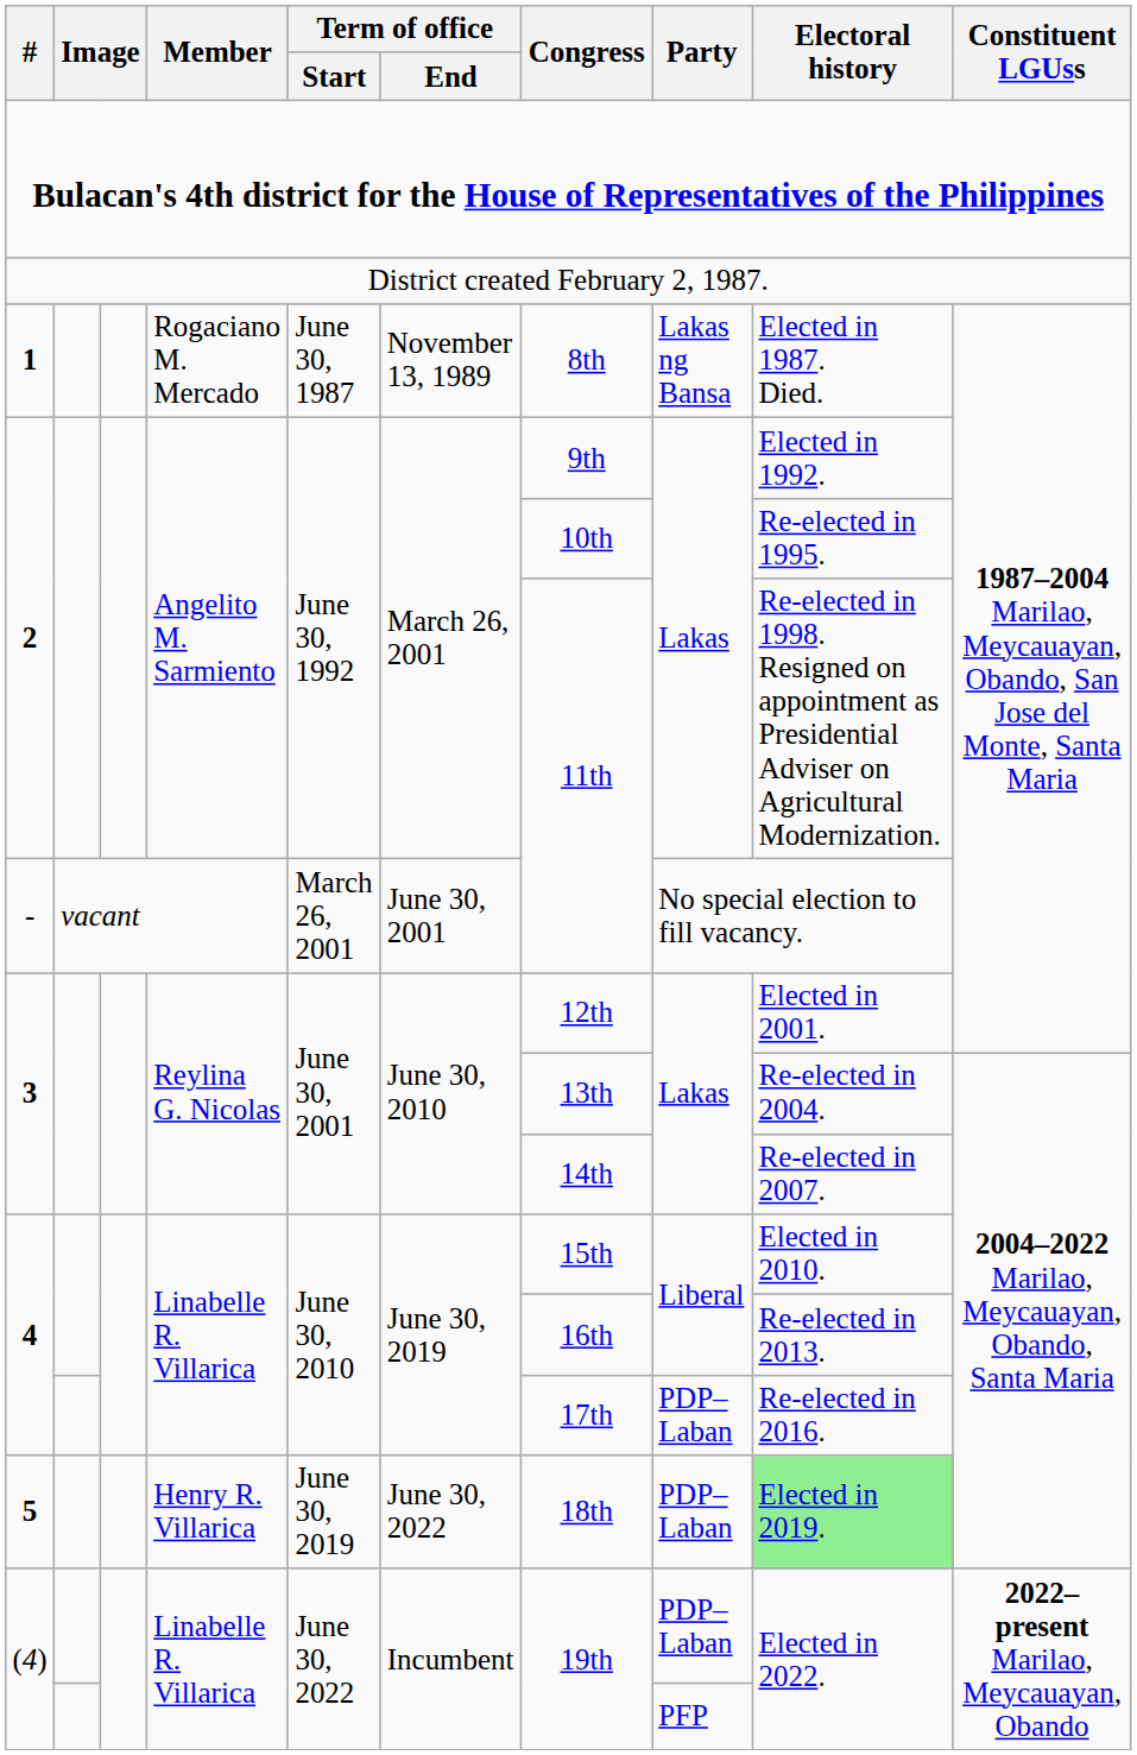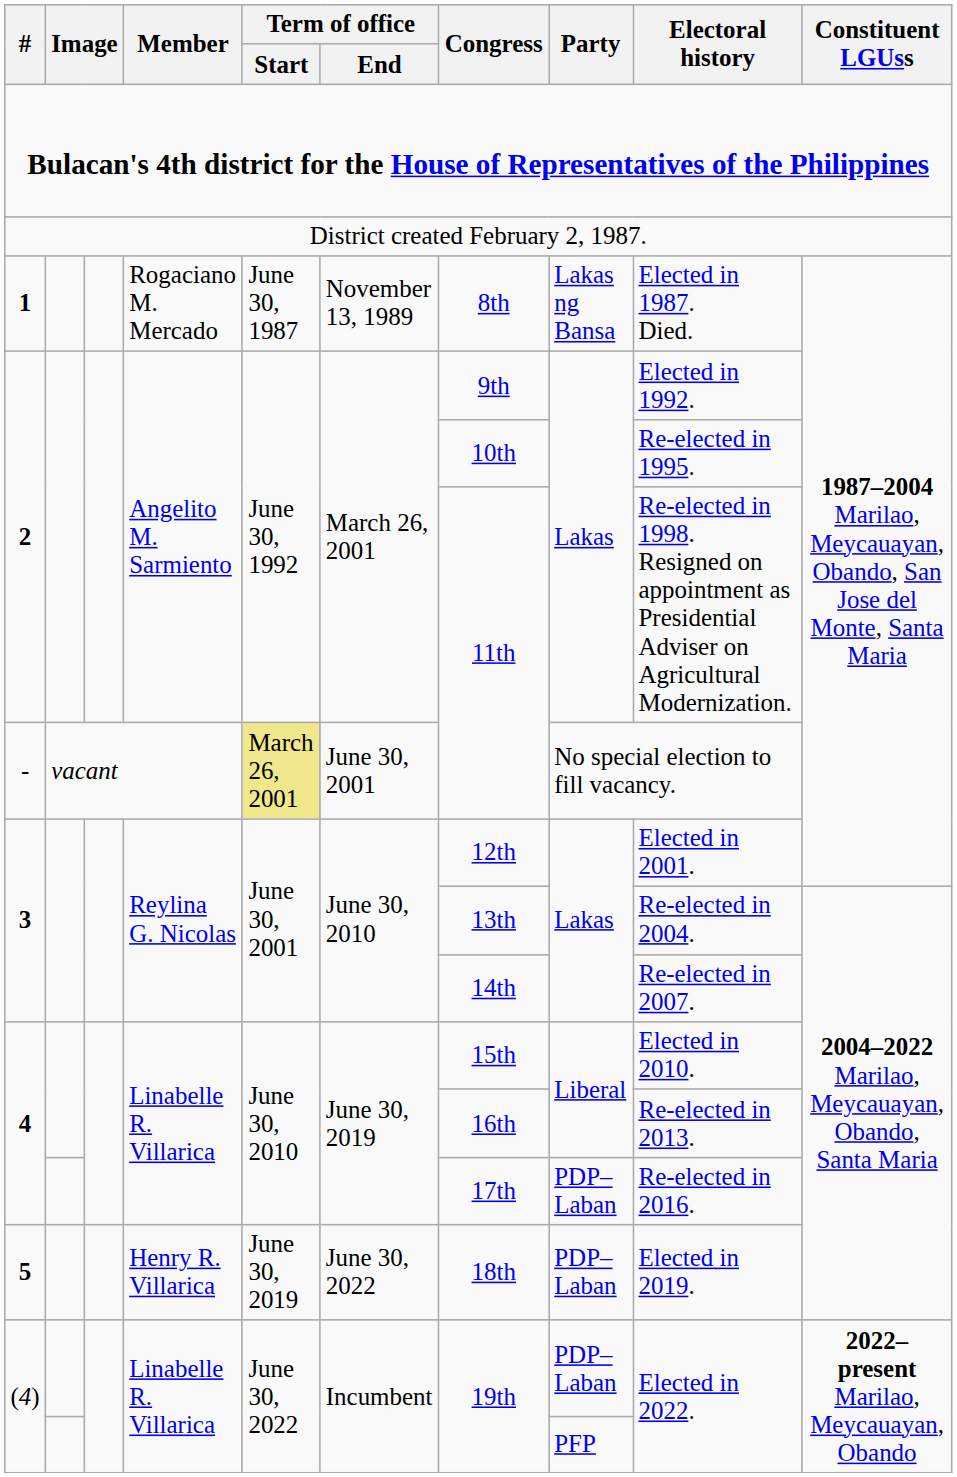 <table class=wikitable>
 <tr>
 <th rowspan="2">#</th>
 <th rowspan="2" colspan=2>Image</th>
 <th rowspan="2">Member</th>
 <th colspan=2>Term of office</th>
 <th rowspan="2">Congress</th>
 <th rowspan="2">Party</th>
 <th rowspan="2">Electoral history</th>
 <th rowspan="2">Constituent<br><a href='#'>LGUs</a>s</th>
 </tr>
 <tr>
 <th>Start</th>
 <th>End</th>
 </tr>
 <tr>
 <td colspan="10" style="text-align:center;"><br><h3>Bulacan's 4th district for the <a href='#'>House of Representatives of the Philippines</a></h3></td>
 </tr>
 <tr>
 <td colspan="10" style="text-align:center;">District created February 2, 1987.</td>
 </tr>
 <tr>
 <td style="text-align:center;"><strong>1</strong></td>
 <td style="color:inherit;background:"></td>
 <td></td>
 <td>Rogaciano M. Mercado</td>
 <td>June 30, 1987</td>
 <td>November 13, 1989</td>
 <td style="text-align:center;"><a href='#'>8th</a></td>
 <td><a href='#'>Lakas ng Bansa</a></td>
 <td><a href='#'>Elected in 1987</a>.<br>Died.</td>
 <td rowspan="6" style="text-align:center;"><strong>1987–2004</strong><br><a href='#'>Marilao</a>, <a href='#'>Meycauayan</a>, <a href='#'>Obando</a>, <a href='#'>San Jose del Monte</a>, <a href='#'>Santa Maria</a></td>
 </tr>
 <tr>
 <td rowspan="3" style="text-align:center;"><strong>2</strong></td>
 <td rowspan="3" style="color:inherit;background:"></td>
 <td rowspan="3"></td>
 <td rowspan="3"><a href='#'>Angelito M. Sarmiento</a></td>
 <td rowspan="3">June 30, 1992</td>
 <td rowspan="3">March 26, 2001</td>
 <td style="text-align:center;"><a href='#'>9th</a></td>
 <td rowspan="3"><a href='#'>Lakas</a></td>
 <td><a href='#'>Elected in 1992</a>.</td>
 </tr>
 <tr>
 <td style="text-align:center;"><a href='#'>10th</a></td>
 <td><a href='#'>Re-elected in 1995</a>.</td>
 </tr>
 <tr>
 <td style="text-align:center;" rowspan="2"><a href='#'>11th</a></td>
 <td><a href='#'>Re-elected in 1998</a>.<br>Resigned on appointment as Presidential Adviser on Agricultural Modernization.</td>
 </tr>
 <tr>
 <td style="text-align:center;">-</td>
 <td colspan=3><em>vacant</em></td>
-<td>March 26, 2001</td>
+<td style="background: khaki;">March 26, 2001</td>
 <td>June 30, 2001</td>
 <td colspan=2>No special election to fill vacancy.</td>
 </tr>
 <tr>
 <td rowspan="3" style="text-align:center;"><strong>3</strong></td>
 <td rowspan="3" style="color:inherit;background:"></td>
 <td rowspan="3"></td>
 <td rowspan="3"><a href='#'>Reylina G. Nicolas</a></td>
 <td rowspan="3">June 30, 2001</td>
 <td rowspan="3">June 30, 2010</td>
 <td style="text-align:center;"><a href='#'>12th</a></td>
 <td rowspan="3"><a href='#'>Lakas</a></td>
 <td><a href='#'>Elected in 2001</a>.</td>
 </tr>
 <tr>
 <td style="text-align:center;"><a href='#'>13th</a></td>
 <td><a href='#'>Re-elected in 2004</a>.</td>
 <td rowspan="6" style="text-align:center;"><strong>2004–2022</strong><br><a href='#'>Marilao</a>, <a href='#'>Meycauayan</a>, <a href='#'>Obando</a>, <a href='#'>Santa Maria</a></td>
 </tr>
 <tr>
 <td style="text-align:center;"><a href='#'>14th</a></td>
 <td><a href='#'>Re-elected in 2007</a>.</td>
 </tr>
 <tr>
 <td rowspan="3" style="text-align:center;"><strong>4</strong></td>
 <td rowspan="2" style="color:inherit;background:"></td>
 <td rowspan="3"></td>
 <td rowspan="3"><a href='#'>Linabelle R. Villarica</a></td>
 <td rowspan="3">June 30, 2010</td>
 <td rowspan="3">June 30, 2019</td>
 <td style="text-align:center;"><a href='#'>15th</a></td>
 <td rowspan="2"><a href='#'>Liberal</a></td>
 <td><a href='#'>Elected in 2010</a>.</td>
 </tr>
 <tr>
 <td style="text-align:center;"><a href='#'>16th</a></td>
 <td><a href='#'>Re-elected in 2013</a>.</td>
 </tr>
 <tr>
 <td style="color:inherit;background:"></td>
 <td style="text-align:center;"><a href='#'>17th</a></td>
 <td><a href='#'>PDP–Laban</a></td>
 <td><a href='#'>Re-elected in 2016</a>.</td>
 </tr>
 <tr>
 <td style="text-align:center;"><strong>5</strong></td>
 <td style="color:inherit;background:"></td>
 <td></td>
 <td><a href='#'>Henry R. Villarica</a></td>
 <td>June 30, 2019</td>
 <td>June 30, 2022</td>
 <td style="text-align:center;"><a href='#'>18th</a></td>
 <td><a href='#'>PDP–Laban</a></td>
-<td style="background: lightgreen;"><a href='#'>Elected in 2019</a>.</td>
+<td><a href='#'>Elected in 2019</a>.</td>
 </tr>
 <tr>
 <td style="text-align:center;" rowspan="2">(<em>4</em>)</td>
 <td style=background:></td>
 <td rowspan="2"></td>
 <td rowspan="2"><a href='#'>Linabelle R. Villarica</a></td>
 <td rowspan="2">June 30, 2022</td>
 <td rowspan="2">Incumbent</td>
 <td style="text-align:center;" rowspan="2"><a href='#'>19th</a></td>
 <td><a href='#'>PDP–Laban</a></td>
 <td rowspan="2"><a href='#'>Elected in 2022</a>.</td>
 <td rowspan="2" style="text-align:center;"><strong>2022–present</strong><br><a href='#'>Marilao</a>, <a href='#'>Meycauayan</a>, <a href='#'>Obando</a></td>
 </tr>
 <tr>
 <td style=background:></td>
 <td><a href='#'>PFP</a></td>
 </tr>
 </table>
